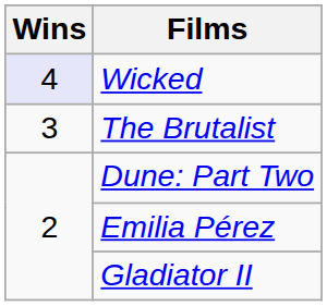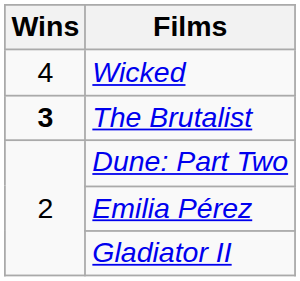 <table class="wikitable">
 <tr>
 <th>Wins</th>
 <th>Films</th>
 </tr>
 <tr>
-<td style="background: lavender; text-align:center">4</td>
+<td style="text-align:center">4</td>
 <td><em><a href='#'>Wicked</a></em></td>
 </tr>
 <tr>
-<td style="text-align:center">3</td>
+<td style="text-align:center"><strong>3</strong></td>
 <td><em><a href='#'>The Brutalist</a></em></td>
 </tr>
 <tr>
 <td rowspan="3" style="text-align:center">2</td>
 <td><em><a href='#'>Dune: Part Two</a></em></td>
 </tr>
 <tr>
 <td><em><a href='#'>Emilia Pérez</a></em></td>
 </tr>
 <tr>
 <td><em><a href='#'>Gladiator II</a></em></td>
 </tr>
 </table>
